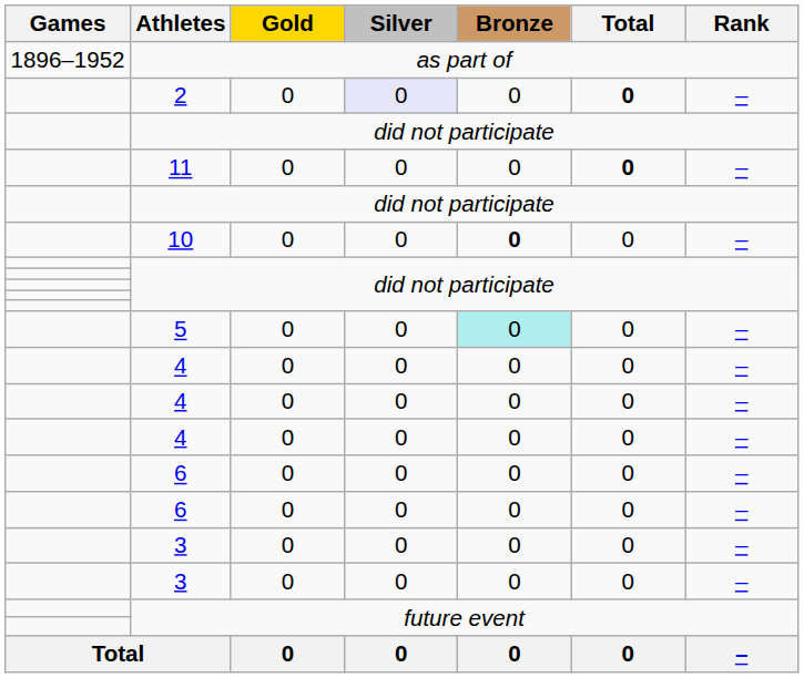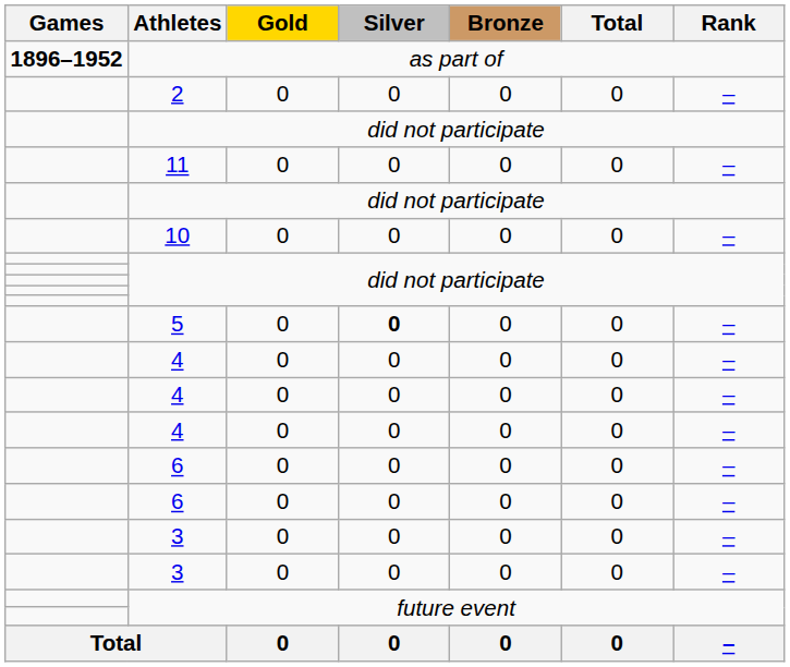 <table class="wikitable" style="text-align:center; font-size:90%;">
 <tr>
 <th>Games</th>
 <th>Athletes</th>
 <td style="background:gold; width:4.5em; font-weight:bold;">Gold</td>
 <td style="background:silver; width:4.5em; font-weight:bold;">Silver</td>
 <td style="background:#cc9966; width:4.5em; font-weight:bold;">Bronze</td>
 <th style="width:4.5em; font-weight:bold;">Total</th>
 <th style="width:4.5em; font-weight:bold;">Rank</th>
 </tr>
 <tr>
-<td align=left>1896–1952</td>
+<td align=left><strong>1896–1952</strong></td>
 <td colspan=6><em>as part of </em></td>
 </tr>
 <tr>
 <td align=left></td>
 <td><a href='#'>2</a></td>
 <td>0</td>
-<td style="background: lavender;">0</td>
 <td>0</td>
-<td><strong>0</strong></td>
+<td>0</td>
+<td>0</td>
 <td><a href='#'>–</a></td>
 </tr>
 <tr>
 <td align=left></td>
 <td colspan=6><em>did not participate</em></td>
 </tr>
 <tr>
 <td align=left></td>
 <td><a href='#'>11</a></td>
 <td>0</td>
 <td>0</td>
 <td>0</td>
-<td><strong>0</strong></td>
+<td>0</td>
 <td><a href='#'>–</a></td>
 </tr>
 <tr>
 <td align=left></td>
 <td colspan=6><em>did not participate</em></td>
 </tr>
 <tr>
 <td align=left></td>
 <td><a href='#'>10</a></td>
 <td>0</td>
 <td>0</td>
-<td><strong>0</strong></td>
+<td>0</td>
 <td>0</td>
 <td><a href='#'>–</a></td>
 </tr>
 <tr>
 <td align=left></td>
 <td colspan=6; rowspan=5><em>did not participate</em></td>
 </tr>
 <tr>
 <td align=left></td>
 </tr>
 <tr>
 <td align=left></td>
 </tr>
 <tr>
 <td align=left></td>
 </tr>
 <tr>
 <td align=left></td>
 </tr>
 <tr>
 <td align=left></td>
 <td><a href='#'>5</a></td>
 <td>0</td>
+<td><strong>0</strong></td>
 <td>0</td>
-<td style="background: paleturquoise;">0</td>
 <td>0</td>
 <td><a href='#'>–</a></td>
 </tr>
 <tr>
 <td align=left></td>
 <td><a href='#'>4</a></td>
 <td>0</td>
 <td>0</td>
 <td>0</td>
 <td>0</td>
 <td><a href='#'>–</a></td>
 </tr>
 <tr>
 <td align=left></td>
 <td><a href='#'>4</a></td>
 <td>0</td>
 <td>0</td>
 <td>0</td>
 <td>0</td>
 <td><a href='#'>–</a></td>
 </tr>
 <tr>
 <td align=left></td>
 <td><a href='#'>4</a></td>
 <td>0</td>
 <td>0</td>
 <td>0</td>
 <td>0</td>
 <td><a href='#'>–</a></td>
 </tr>
 <tr>
 <td align=left></td>
 <td><a href='#'>6</a></td>
 <td>0</td>
 <td>0</td>
 <td>0</td>
 <td>0</td>
 <td><a href='#'>–</a></td>
 </tr>
 <tr>
 <td align=left></td>
 <td><a href='#'>6</a></td>
 <td>0</td>
 <td>0</td>
 <td>0</td>
 <td>0</td>
 <td><a href='#'>–</a></td>
 </tr>
 <tr>
 <td align=left></td>
 <td><a href='#'>3</a></td>
 <td>0</td>
 <td>0</td>
 <td>0</td>
 <td>0</td>
 <td><a href='#'>–</a></td>
 </tr>
 <tr>
 <td align=left></td>
 <td><a href='#'>3</a></td>
 <td>0</td>
 <td>0</td>
 <td>0</td>
 <td>0</td>
 <td><a href='#'>–</a></td>
 </tr>
 <tr>
 <td align=left></td>
 <td colspan=6; rowspan=2><em>future event</em></td>
 </tr>
 <tr>
 <td align=left></td>
 </tr>
 <tr>
 <th colspan=2>Total</th>
 <th>0</th>
 <th>0</th>
 <th>0</th>
 <th>0</th>
 <th><a href='#'>–</a></th>
 </tr>
 </table>
